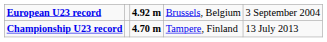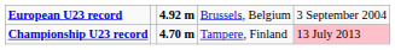 <table class="wikitable">
 <tr>
 <td><strong><a href='#'>European U23 record</a></strong></td>
 <td></td>
 <td><strong>4.92 m</strong></td>
 <td><a href='#'>Brussels</a>, Belgium</td>
 <td>3 September 2004</td>
 </tr>
 <tr>
 <td><strong><a href='#'>Championship U23 record</a></strong></td>
 <td></td>
 <td><strong>4.70 m</strong></td>
 <td><a href='#'>Tampere</a>, Finland</td>
-<td>13 July 2013</td>
+<td style="background: pink;">13 July 2013</td>
 </tr>
 </table>
